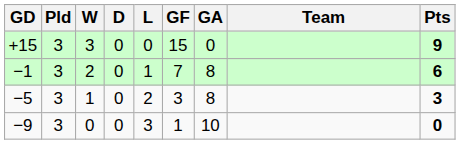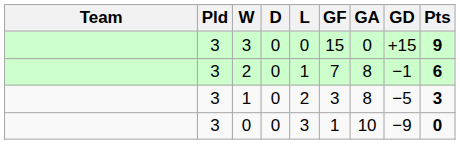 <table class="wikitable" style="text-align:center;">
 <tr>
-<th width=20>GD</th>
+<th width=175>Team</th>
 <th width=20>Pld</th>
 <th width=20>W</th>
 <th width=20>D</th>
 <th width=20>L</th>
 <th width=20>GF</th>
 <th width=20>GA</th>
-<th width=175>Team</th>
+<th width=20>GD</th>
 <th width=20>Pts</th>
 </tr>
 <tr bgcolor=ccffcc>
-<td>+15</td>
+<td align="left"></td>
 <td>3</td>
 <td>3</td>
 <td>0</td>
 <td>0</td>
 <td>15</td>
 <td>0</td>
-<td align="left"></td>
+<td>+15</td>
 <td><strong>9</strong></td>
 </tr>
 <tr bgcolor=ccffcc>
-<td>−1</td>
+<td align="left"></td>
 <td>3</td>
 <td>2</td>
 <td>0</td>
 <td>1</td>
 <td>7</td>
 <td>8</td>
-<td align="left"></td>
+<td>−1</td>
 <td><strong>6</strong></td>
 </tr>
 <tr>
-<td>−5</td>
+<td align="left"></td>
 <td>3</td>
 <td>1</td>
 <td>0</td>
 <td>2</td>
 <td>3</td>
 <td>8</td>
-<td align="left"></td>
+<td>−5</td>
 <td><strong>3</strong></td>
 </tr>
 <tr>
-<td>−9</td>
+<td align="left"></td>
 <td>3</td>
 <td>0</td>
 <td>0</td>
 <td>3</td>
 <td>1</td>
 <td>10</td>
-<td align="left"></td>
+<td>−9</td>
 <td><strong>0</strong></td>
 </tr>
 </table>
